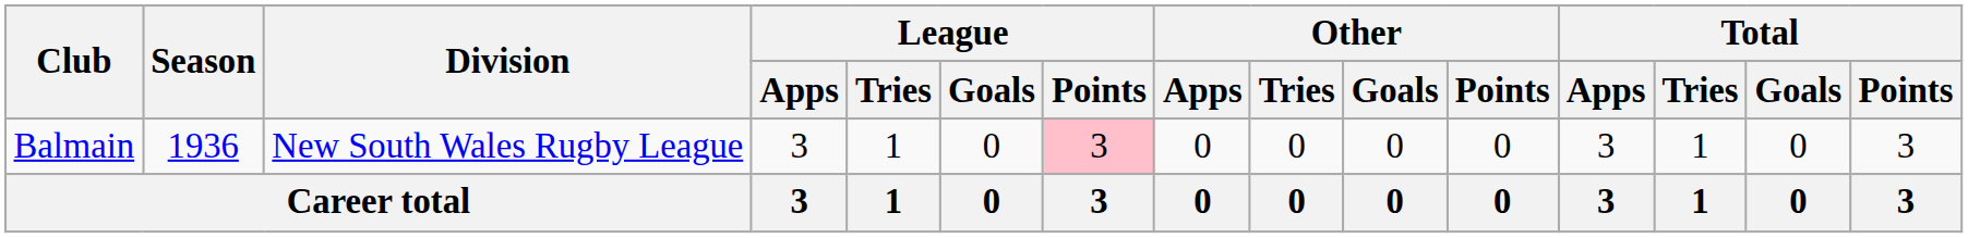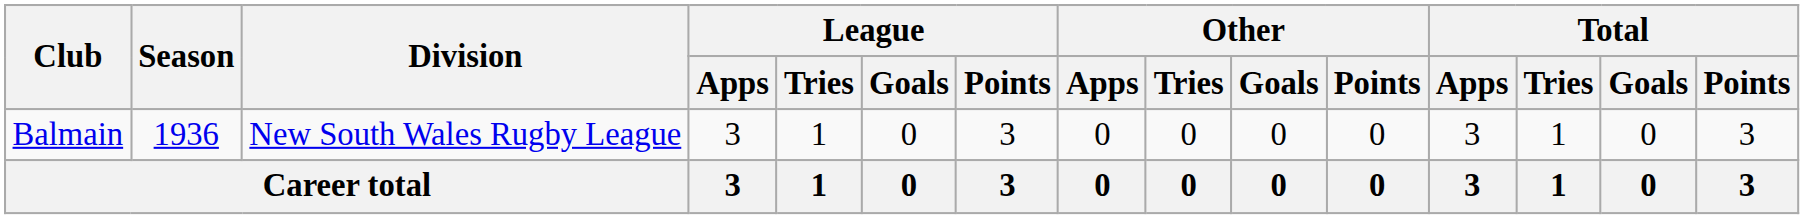 <table class="wikitable" style="text-align:center;">
 <tr>
 <th rowspan="2">Club</th>
 <th rowspan="2">Season</th>
 <th rowspan="2">Division</th>
 <th colspan="4">League</th>
 <th colspan="4">Other</th>
 <th colspan="4">Total</th>
 </tr>
 <tr>
 <th>Apps</th>
 <th>Tries</th>
 <th>Goals</th>
 <th>Points</th>
 <th>Apps</th>
 <th>Tries</th>
 <th>Goals</th>
 <th>Points</th>
 <th>Apps</th>
 <th>Tries</th>
 <th>Goals</th>
 <th>Points</th>
 </tr>
 <tr>
 <td><a href='#'>Balmain</a></td>
 <td><a href='#'>1936</a></td>
 <td><a href='#'>New South Wales Rugby League</a></td>
 <td>3</td>
 <td>1</td>
 <td>0</td>
-<td style="background: pink;">3</td>
+<td>3</td>
 <td>0</td>
 <td>0</td>
 <td>0</td>
 <td>0</td>
 <td>3</td>
 <td>1</td>
 <td>0</td>
 <td>3</td>
 </tr>
 <tr>
 <th colspan="3">Career total</th>
 <th>3</th>
 <th>1</th>
 <th>0</th>
 <th>3</th>
 <th>0</th>
 <th>0</th>
 <th>0</th>
 <th>0</th>
 <th>3</th>
 <th>1</th>
 <th>0</th>
 <th>3</th>
 </tr>
 </table>
